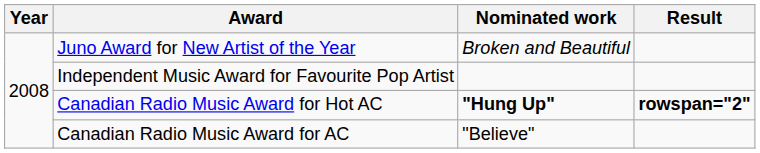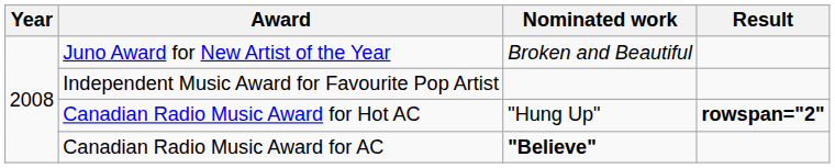 <table class="wikitable">
 <tr>
 <th>Year</th>
 <th>Award</th>
 <th>Nominated work</th>
 <th>Result</th>
 </tr>
 <tr>
 <td rowspan="4">2008</td>
 <td><a href='#'>Juno Award</a> for <a href='#'>New Artist of the Year</a></td>
 <td><em>Broken and Beautiful</em></td>
 <td></td>
 </tr>
 <tr>
 <td>Independent Music Award for Favourite Pop Artist</td>
 <td></td>
 <td></td>
 </tr>
 <tr>
 <td><a href='#'>Canadian Radio Music Award</a> for Hot AC</td>
-<td><strong>"Hung Up"</strong></td>
+<td>"Hung Up"</td>
 <td><strong>rowspan="2" </strong></td>
 </tr>
 <tr>
 <td>Canadian Radio Music Award for AC</td>
-<td>"Believe"</td>
+<td><strong>"Believe"</strong></td>
 </tr>
 </table>
